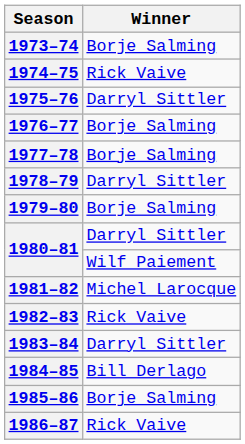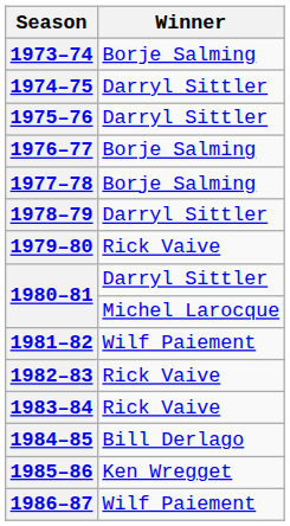 <table class="wikitable" style="float:left; margin-right:1em;">
 <tr>
 <th scope="col">Season</th>
 <th scope="col">Winner</th>
 </tr>
 <tr>
 <th scope="row"><a href='#'>1973–74</a></th>
 <td><a href='#'>Borje Salming</a></td>
 </tr>
 <tr>
 <th scope="row"><a href='#'>1974–75</a></th>
-<td><a href='#'>Rick Vaive</a></td>
+<td><a href='#'>Darryl Sittler</a></td>
 </tr>
 <tr>
 <th scope="row"><a href='#'>1975–76</a></th>
 <td><a href='#'>Darryl Sittler</a></td>
 </tr>
 <tr>
 <th scope="row"><a href='#'>1976–77</a></th>
 <td><a href='#'>Borje Salming</a></td>
 </tr>
 <tr>
 <th scope="row"><a href='#'>1977–78</a></th>
 <td><a href='#'>Borje Salming</a></td>
 </tr>
 <tr>
 <th scope="row"><a href='#'>1978–79</a></th>
 <td><a href='#'>Darryl Sittler</a></td>
 </tr>
 <tr>
 <th scope="row"><a href='#'>1979–80</a></th>
-<td><a href='#'>Borje Salming</a></td>
+<td><a href='#'>Rick Vaive</a></td>
 </tr>
 <tr>
 <th scope="row" rowspan="2"><a href='#'>1980–81</a></th>
 <td><a href='#'>Darryl Sittler</a></td>
 </tr>
 <tr>
-<td><a href='#'>Wilf Paiement</a></td>
+<td><a href='#'>Michel Larocque</a></td>
 </tr>
 <tr>
 <th scope="row"><a href='#'>1981–82</a></th>
-<td><a href='#'>Michel Larocque</a></td>
+<td><a href='#'>Wilf Paiement</a></td>
 </tr>
 <tr>
 <th scope="row"><a href='#'>1982–83</a></th>
 <td><a href='#'>Rick Vaive</a></td>
 </tr>
 <tr>
 <th scope="row"><a href='#'>1983–84</a></th>
-<td><a href='#'>Darryl Sittler</a></td>
+<td><a href='#'>Rick Vaive</a></td>
 </tr>
 <tr>
 <th scope="row"><a href='#'>1984–85</a></th>
 <td><a href='#'>Bill Derlago</a></td>
 </tr>
 <tr>
 <th scope="row"><a href='#'>1985–86</a></th>
-<td><a href='#'>Borje Salming</a></td>
+<td><a href='#'>Ken Wregget</a></td>
 </tr>
 <tr>
 <th scope="row"><a href='#'>1986–87</a></th>
-<td><a href='#'>Rick Vaive</a></td>
+<td><a href='#'>Wilf Paiement</a></td>
 </tr>
 </table>
